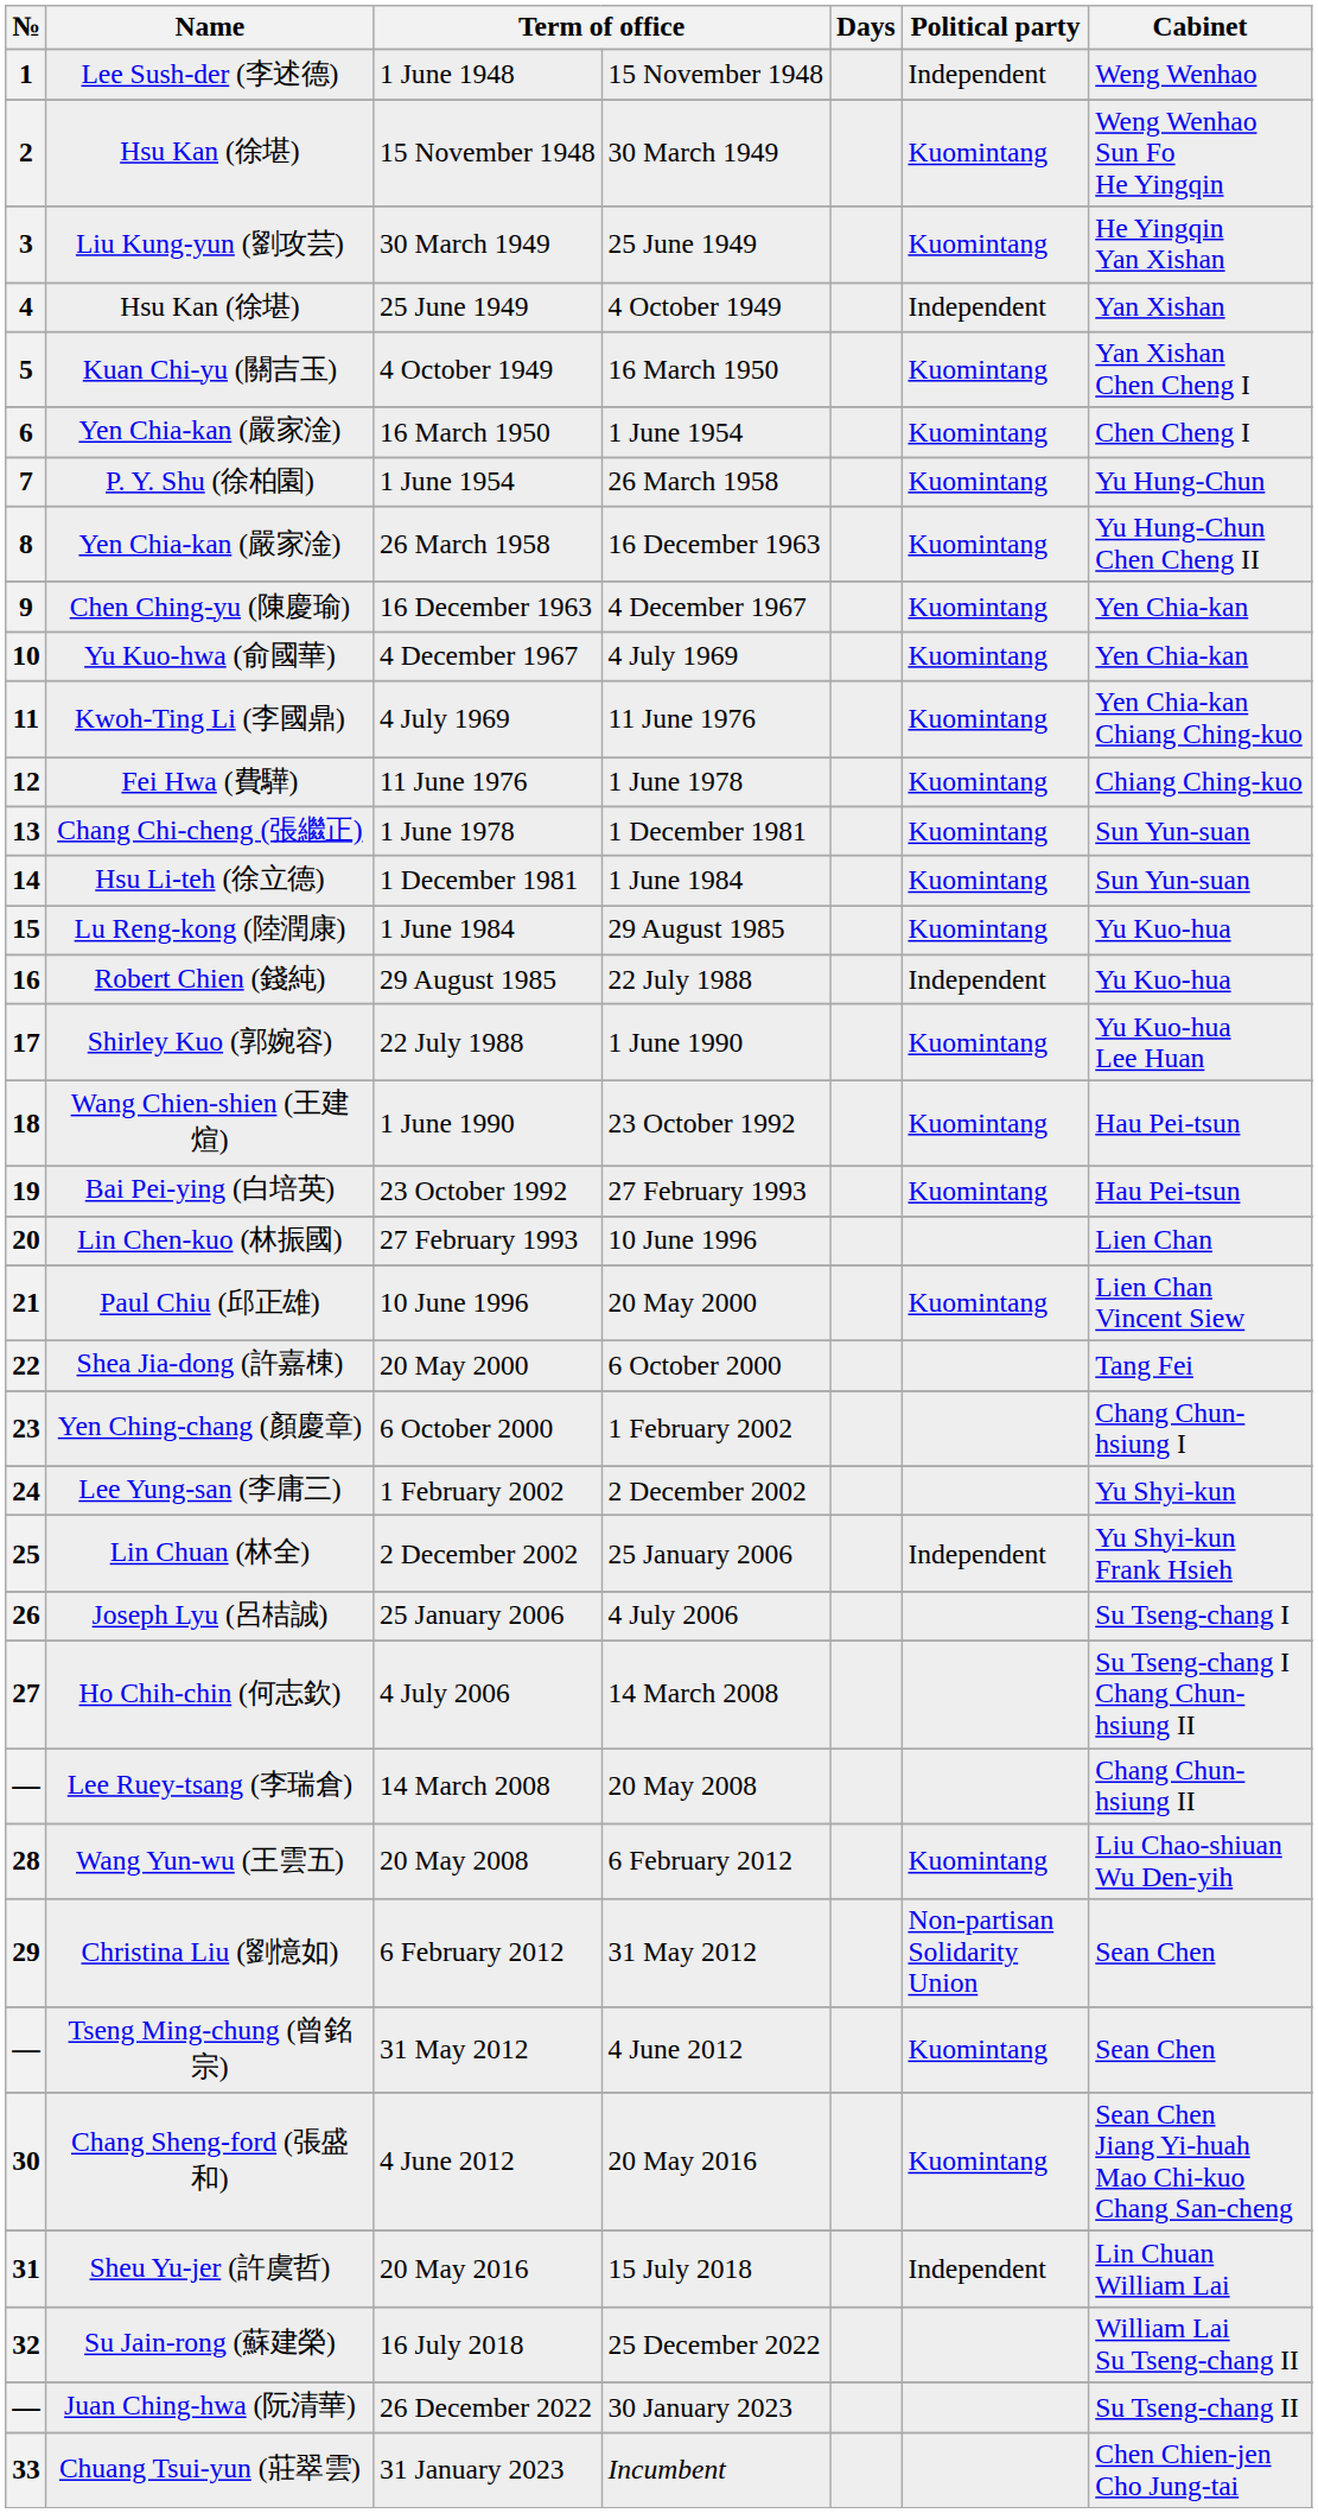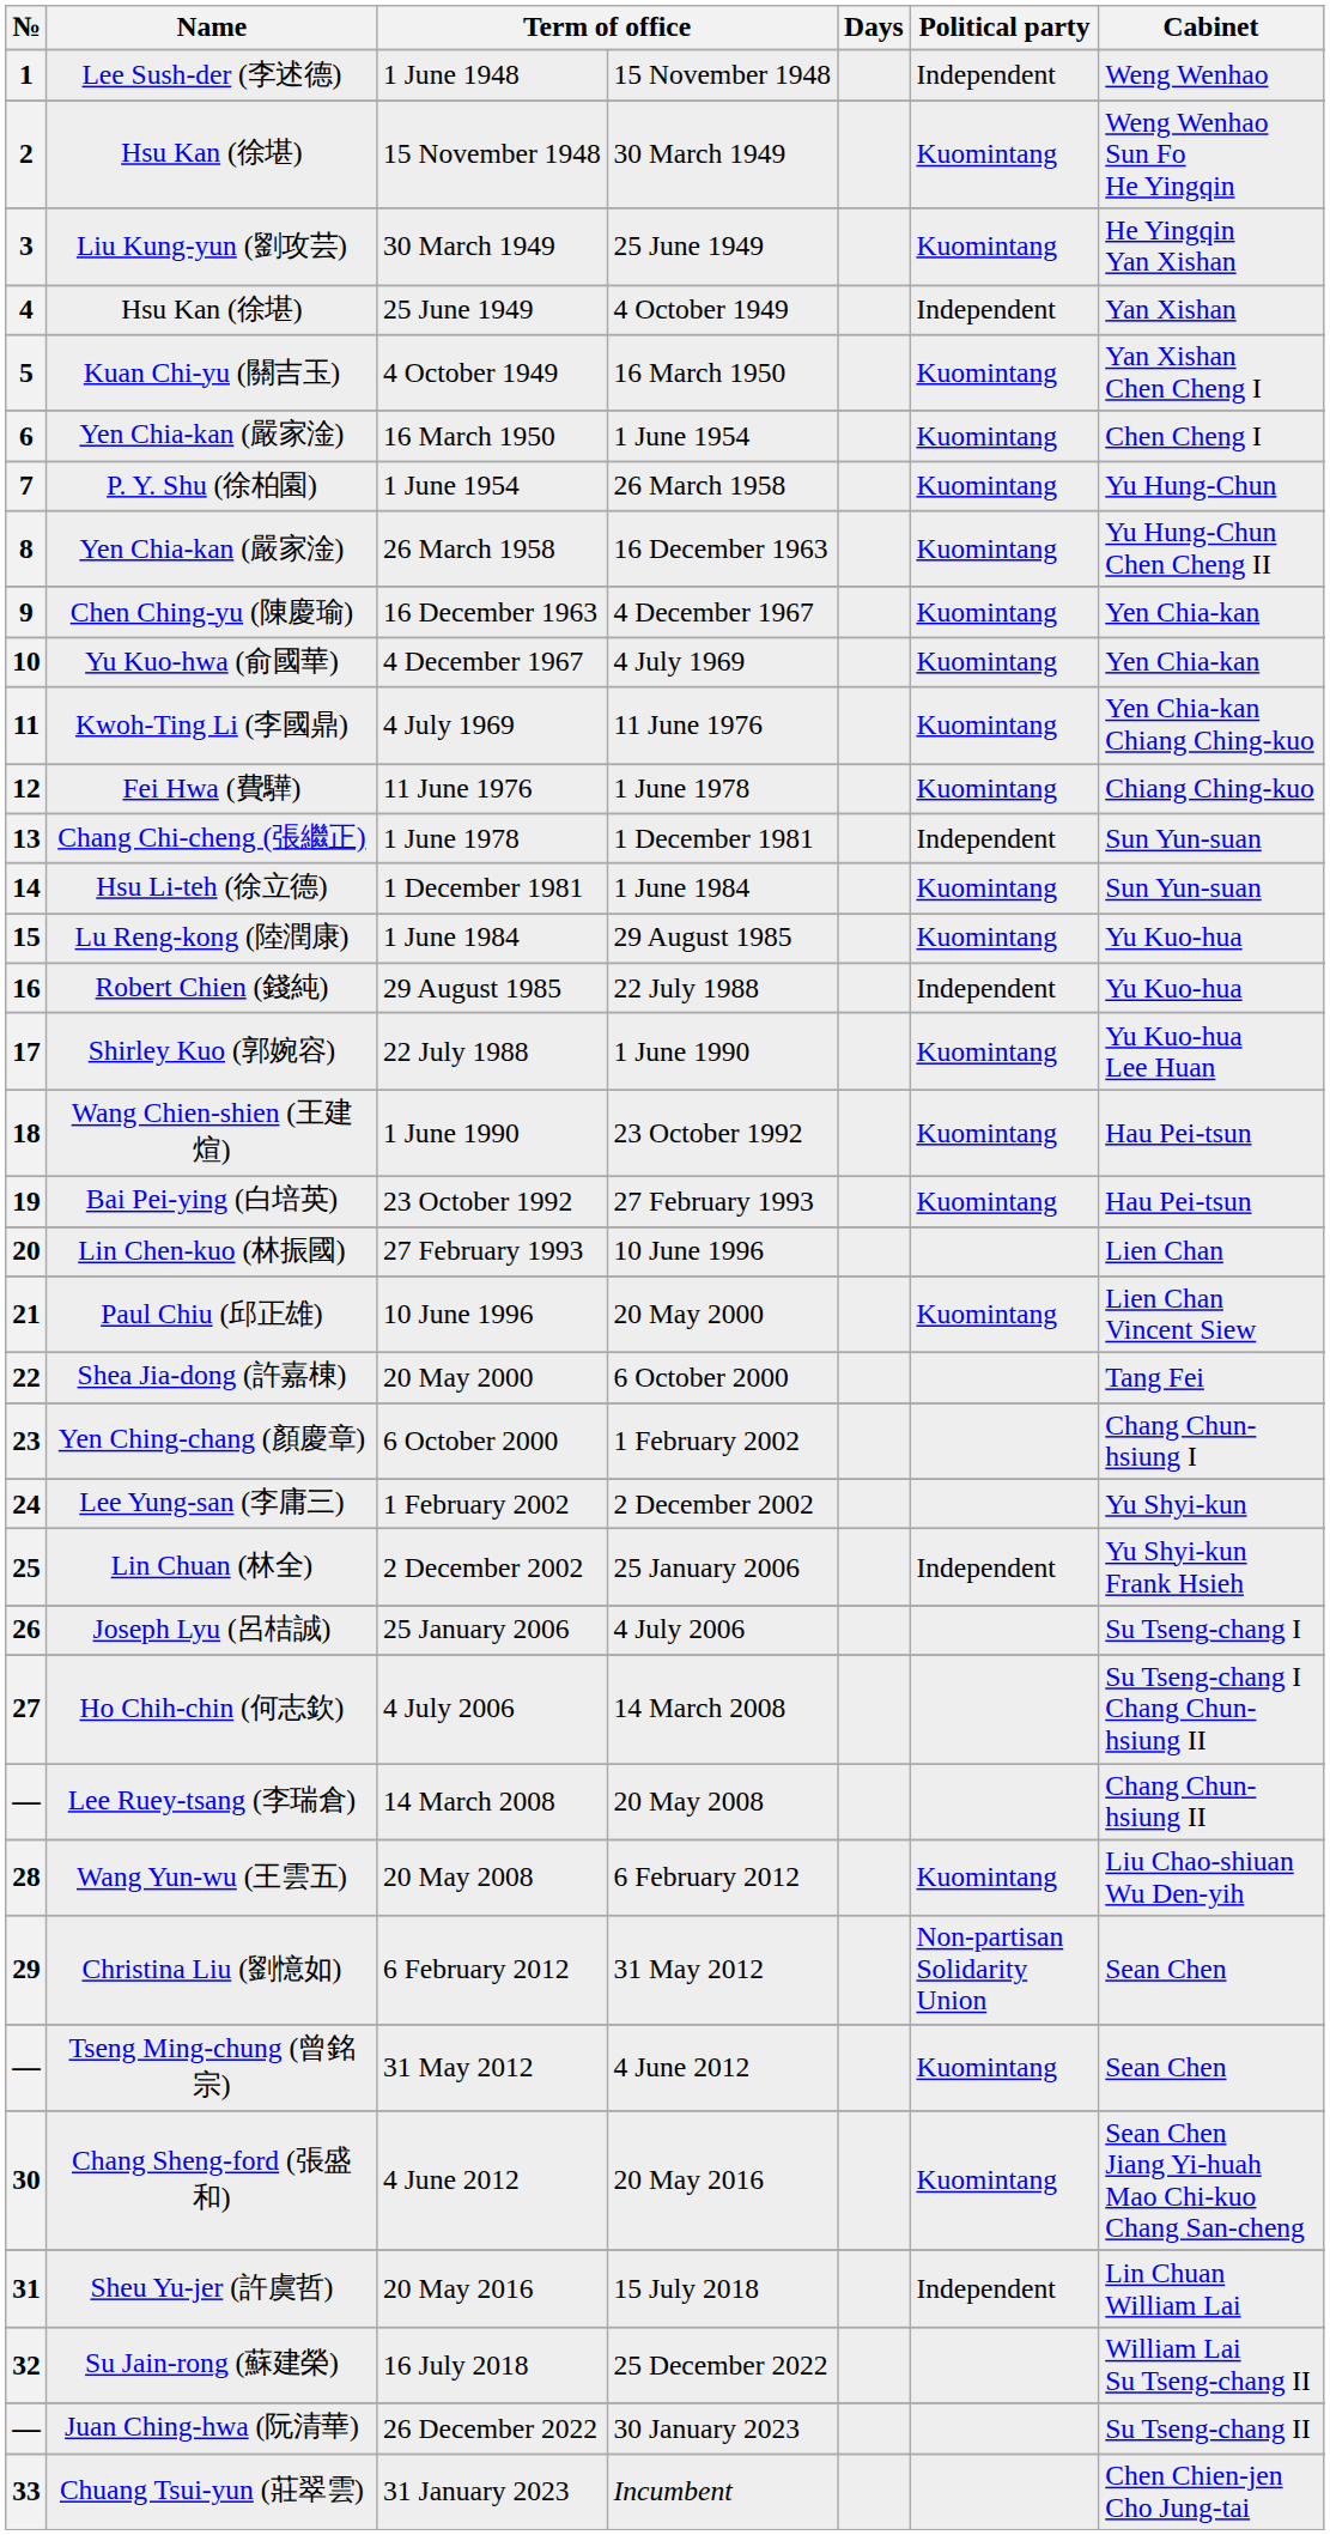 <table class="wikitable">
 <tr ->
 <th>№</th>
 <th width="180">Name</th>
 <th colspan=2 width="180">Term of office</th>
 <th>Days</th>
 <th width="100">Political party</th>
 <th width="120">Cabinet</th>
 </tr>
 <tr ->
 </tr>
 <tr - bgcolor=#EEEEEE>
 <th style="background:">1</th>
 <td align=center><a href='#'>Lee Sush-der</a> (李述德)</td>
 <td>1 June 1948</td>
 <td>15 November 1948</td>
 <td></td>
 <td>Independent</td>
 <td><a href='#'>Weng Wenhao</a></td>
 </tr>
 <tr ->
 </tr>
 <tr - bgcolor=#EEEEEE>
 <th style="background:">2</th>
 <td align=center><a href='#'>Hsu Kan</a> (徐堪)</td>
 <td>15 November 1948</td>
 <td>30 March 1949</td>
 <td></td>
 <td><a href='#'>Kuomintang</a></td>
 <td><a href='#'>Weng Wenhao</a><br><a href='#'>Sun Fo</a><br><a href='#'>He Yingqin</a></td>
 </tr>
 <tr ->
 </tr>
 <tr - bgcolor=#EEEEEE>
 <th style="background:">3</th>
 <td align=center><a href='#'>Liu Kung-yun</a> (劉攻芸)</td>
 <td>30 March 1949</td>
 <td>25 June 1949</td>
 <td></td>
 <td><a href='#'>Kuomintang</a></td>
 <td><a href='#'>He Yingqin</a><br><a href='#'>Yan Xishan</a></td>
 </tr>
 <tr ->
 </tr>
 <tr - bgcolor=#EEEEEE>
 <th style="background:">4</th>
 <td align=center>Hsu Kan (徐堪)</td>
 <td>25 June 1949</td>
 <td>4 October 1949</td>
 <td></td>
 <td>Independent</td>
 <td><a href='#'>Yan Xishan</a></td>
 </tr>
 <tr ->
 </tr>
 <tr - bgcolor=#EEEEEE>
 <th style="background:">5</th>
 <td align=center><a href='#'>Kuan Chi-yu</a> (關吉玉)</td>
 <td>4 October 1949</td>
 <td>16 March 1950</td>
 <td></td>
 <td><a href='#'>Kuomintang</a></td>
 <td><a href='#'>Yan Xishan</a><br><a href='#'>Chen Cheng</a> I</td>
 </tr>
 <tr ->
 </tr>
 <tr - bgcolor=#EEEEEE>
 <th style="background:">6</th>
 <td align=center><a href='#'>Yen Chia-kan</a> (嚴家淦)</td>
 <td>16 March 1950</td>
 <td>1 June 1954</td>
 <td></td>
 <td><a href='#'>Kuomintang</a></td>
 <td><a href='#'>Chen Cheng</a> I</td>
 </tr>
 <tr ->
 </tr>
 <tr - bgcolor=#EEEEEE>
 <th style="background:">7</th>
 <td align=center><a href='#'>P. Y. Shu</a> (徐柏園)</td>
 <td>1 June 1954</td>
 <td>26 March 1958</td>
 <td></td>
 <td><a href='#'>Kuomintang</a></td>
 <td><a href='#'>Yu Hung-Chun</a></td>
 </tr>
 <tr ->
 </tr>
 <tr - bgcolor=#EEEEEE>
 <th style="background:">8</th>
 <td align=center><a href='#'>Yen Chia-kan</a> (嚴家淦)</td>
 <td>26 March 1958</td>
 <td>16 December 1963</td>
 <td></td>
 <td><a href='#'>Kuomintang</a></td>
 <td><a href='#'>Yu Hung-Chun</a><br><a href='#'>Chen Cheng</a> II</td>
 </tr>
 <tr ->
 </tr>
 <tr - bgcolor=#EEEEEE>
 <th style="background:">9</th>
 <td align=center><a href='#'>Chen Ching-yu</a>  (陳慶瑜)</td>
 <td>16 December 1963</td>
 <td>4 December 1967</td>
 <td></td>
 <td><a href='#'>Kuomintang</a></td>
 <td><a href='#'>Yen Chia-kan</a></td>
 </tr>
 <tr ->
 </tr>
 <tr - bgcolor=#EEEEEE>
 <th style="background:">10</th>
 <td align=center><a href='#'>Yu Kuo-hwa</a> (俞國華)</td>
 <td>4 December 1967</td>
 <td>4 July 1969</td>
 <td></td>
 <td><a href='#'>Kuomintang</a></td>
 <td><a href='#'>Yen Chia-kan</a></td>
 </tr>
 <tr ->
 </tr>
 <tr - bgcolor=#EEEEEE>
 <th style="background:">11</th>
 <td align=center><a href='#'>Kwoh-Ting Li</a> (李國鼎)</td>
 <td>4 July 1969</td>
 <td>11 June 1976</td>
 <td></td>
 <td><a href='#'>Kuomintang</a></td>
 <td><a href='#'>Yen Chia-kan</a><br><a href='#'>Chiang Ching-kuo</a></td>
 </tr>
 <tr ->
 </tr>
 <tr - bgcolor=#EEEEEE>
 <th style="background:">12</th>
 <td align=center><a href='#'>Fei Hwa</a> (費驊)</td>
 <td>11 June 1976</td>
 <td>1 June 1978</td>
 <td></td>
 <td><a href='#'>Kuomintang</a></td>
 <td><a href='#'>Chiang Ching-kuo</a></td>
 </tr>
 <tr ->
 </tr>
 <tr - bgcolor=#EEEEEE>
 <th style="background:">13</th>
 <td align=center><a href='#'>Chang Chi-cheng (張繼正)</a></td>
 <td>1 June 1978</td>
 <td>1 December 1981</td>
 <td></td>
-<td><a href='#'>Kuomintang</a></td>
+<td>Independent</td>
 <td><a href='#'>Sun Yun-suan</a></td>
 </tr>
 <tr ->
 </tr>
 <tr - bgcolor=#EEEEEE>
 <th style="background:">14</th>
 <td align=center><a href='#'>Hsu Li-teh</a> (徐立德)</td>
 <td>1 December 1981</td>
 <td>1 June 1984</td>
 <td></td>
 <td><a href='#'>Kuomintang</a></td>
 <td><a href='#'>Sun Yun-suan</a></td>
 </tr>
 <tr ->
 </tr>
 <tr - bgcolor=#EEEEEE>
 <th style="background:">15</th>
 <td align=center><a href='#'>Lu Reng-kong</a> (陸潤康)</td>
 <td>1 June 1984</td>
 <td>29 August 1985</td>
 <td></td>
 <td><a href='#'>Kuomintang</a></td>
 <td><a href='#'>Yu Kuo-hua</a></td>
 </tr>
 <tr ->
 </tr>
 <tr - bgcolor=#EEEEEE>
 <th style="background:">16</th>
 <td align=center><a href='#'>Robert Chien</a> (錢純)</td>
 <td>29 August 1985</td>
 <td>22 July 1988</td>
 <td></td>
 <td>Independent</td>
 <td><a href='#'>Yu Kuo-hua</a></td>
 </tr>
 <tr ->
 </tr>
 <tr - bgcolor=#EEEEEE>
 <th style="background:">17</th>
 <td align=center><a href='#'>Shirley Kuo</a> (郭婉容)</td>
 <td>22 July 1988</td>
 <td>1 June 1990</td>
 <td></td>
 <td><a href='#'>Kuomintang</a></td>
 <td><a href='#'>Yu Kuo-hua</a><br><a href='#'>Lee Huan</a></td>
 </tr>
 <tr ->
 </tr>
 <tr - bgcolor=#EEEEEE>
 <th style="background:">18</th>
 <td align=center><a href='#'>Wang Chien-shien</a> (王建煊)</td>
 <td>1 June 1990</td>
 <td>23 October 1992</td>
 <td></td>
 <td><a href='#'>Kuomintang</a></td>
 <td><a href='#'>Hau Pei-tsun</a></td>
 </tr>
 <tr ->
 </tr>
 <tr - bgcolor=#EEEEEE>
 <th style="background:">19</th>
 <td align=center><a href='#'>Bai Pei-ying</a>  (白培英)</td>
 <td>23 October 1992</td>
 <td>27 February 1993</td>
 <td></td>
 <td><a href='#'>Kuomintang</a></td>
 <td><a href='#'>Hau Pei-tsun</a></td>
 </tr>
 <tr ->
 </tr>
 <tr - bgcolor=#EEEEEE>
 <th style="background:">20</th>
 <td align=center><a href='#'>Lin Chen-kuo</a> (林振國)</td>
 <td>27 February 1993</td>
 <td>10 June 1996</td>
 <td></td>
 <td></td>
 <td><a href='#'>Lien Chan</a></td>
 </tr>
 <tr ->
 </tr>
 <tr - bgcolor=#EEEEEE>
 <th style="background:">21</th>
 <td align=center><a href='#'>Paul Chiu</a> (邱正雄)</td>
 <td>10 June 1996</td>
 <td>20 May 2000</td>
 <td></td>
 <td><a href='#'>Kuomintang</a></td>
 <td><a href='#'>Lien Chan</a><br><a href='#'>Vincent Siew</a></td>
 </tr>
 <tr ->
 </tr>
 <tr - bgcolor=#EEEEEE>
 <th style="background:">22</th>
 <td align=center><a href='#'>Shea Jia-dong</a> (許嘉棟)</td>
 <td>20 May 2000</td>
 <td>6 October 2000</td>
 <td></td>
 <td></td>
 <td><a href='#'>Tang Fei</a></td>
 </tr>
 <tr ->
 </tr>
 <tr - bgcolor=#EEEEEE>
 <th style="background:">23</th>
 <td align=center><a href='#'>Yen Ching-chang</a> (顏慶章)</td>
 <td>6 October 2000</td>
 <td>1 February 2002</td>
 <td></td>
 <td></td>
 <td><a href='#'>Chang Chun-hsiung</a> I</td>
 </tr>
 <tr ->
 </tr>
 <tr - bgcolor=#EEEEEE>
 <th style="background:">24</th>
 <td align=center><a href='#'>Lee Yung-san</a> (李庸三)</td>
 <td>1 February 2002</td>
 <td>2 December 2002</td>
 <td></td>
 <td></td>
 <td><a href='#'>Yu Shyi-kun</a></td>
 </tr>
 <tr ->
 </tr>
 <tr - bgcolor=#EEEEEE>
 <th style="background:">25</th>
 <td align=center><a href='#'>Lin Chuan</a> (林全)</td>
 <td>2 December 2002</td>
 <td>25 January 2006</td>
 <td></td>
 <td>Independent</td>
 <td><a href='#'>Yu Shyi-kun</a><br><a href='#'>Frank Hsieh</a></td>
 </tr>
 <tr ->
 </tr>
 <tr - bgcolor=#EEEEEE>
 <th style="background:">26</th>
 <td align=center><a href='#'>Joseph Lyu</a> (呂桔誠)</td>
 <td>25 January 2006</td>
 <td>4 July 2006</td>
 <td></td>
 <td></td>
 <td><a href='#'>Su Tseng-chang</a> I</td>
 </tr>
 <tr ->
 </tr>
 <tr - bgcolor=#EEEEEE>
 <th style="background:">27</th>
 <td align=center><a href='#'>Ho Chih-chin</a> (何志欽)</td>
 <td>4 July 2006</td>
 <td>14 March 2008</td>
 <td></td>
 <td></td>
 <td><a href='#'>Su Tseng-chang</a> I<br><a href='#'>Chang Chun-hsiung</a> II</td>
 </tr>
 <tr ->
 </tr>
 <tr - bgcolor=#EEEEEE>
 <th style="background:">—</th>
 <td align=center><a href='#'>Lee Ruey-tsang</a> (李瑞倉)</td>
 <td>14 March 2008</td>
 <td>20 May 2008</td>
 <td></td>
 <td></td>
 <td><a href='#'>Chang Chun-hsiung</a> II</td>
 </tr>
 <tr ->
 </tr>
 <tr - bgcolor=#EEEEEE>
 <th style="background:">28</th>
 <td align=center><a href='#'>Wang Yun-wu</a> (王雲五)</td>
 <td>20 May 2008</td>
 <td>6 February 2012</td>
 <td></td>
 <td><a href='#'>Kuomintang</a></td>
 <td><a href='#'>Liu Chao-shiuan</a><br><a href='#'>Wu Den-yih</a></td>
 </tr>
 <tr ->
 </tr>
 <tr - bgcolor=#EEEEEE>
 <th style="background:">29</th>
 <td align=center><a href='#'>Christina Liu</a> (劉憶如)</td>
 <td>6 February 2012</td>
 <td>31 May 2012</td>
 <td></td>
 <td><a href='#'>Non-partisan Solidarity Union</a></td>
 <td><a href='#'>Sean Chen</a></td>
 </tr>
 <tr ->
 </tr>
 <tr - bgcolor=#EEEEEE>
 <th style="background:">—</th>
 <td align=center><a href='#'>Tseng Ming-chung</a> (曾銘宗)</td>
 <td>31 May 2012</td>
 <td>4 June 2012</td>
 <td></td>
 <td><a href='#'>Kuomintang</a></td>
 <td><a href='#'>Sean Chen</a></td>
 </tr>
 <tr ->
 </tr>
 <tr - bgcolor=#EEEEEE>
 <th style="background:">30</th>
 <td align=center><a href='#'>Chang Sheng-ford</a> (張盛和)</td>
 <td>4 June 2012</td>
 <td>20 May 2016</td>
 <td></td>
 <td><a href='#'>Kuomintang</a></td>
 <td><a href='#'>Sean Chen</a><br><a href='#'>Jiang Yi-huah</a><br><a href='#'>Mao Chi-kuo</a><br><a href='#'>Chang San-cheng</a></td>
 </tr>
 <tr ->
 </tr>
 <tr - bgcolor=#EEEEEE>
 <th style="background:">31</th>
 <td align=center><a href='#'>Sheu Yu-jer</a> (許虞哲)</td>
 <td>20 May 2016</td>
 <td>15 July 2018</td>
 <td></td>
 <td>Independent</td>
 <td><a href='#'>Lin Chuan</a><br><a href='#'>William Lai</a></td>
 </tr>
 <tr ->
 </tr>
 <tr - bgcolor=#EEEEEE>
 <th style="background:">32</th>
 <td align=center><a href='#'>Su Jain-rong</a> (蘇建榮)</td>
 <td>16 July 2018</td>
 <td>25 December 2022</td>
 <td></td>
 <td></td>
 <td><a href='#'>William Lai</a><br><a href='#'>Su Tseng-chang</a> II</td>
 </tr>
 <tr ->
 </tr>
 <tr - bgcolor=#EEEEEE>
 <th style="background:">—</th>
 <td align=center><a href='#'>Juan Ching-hwa</a> (阮清華)</td>
 <td>26 December 2022</td>
 <td>30 January 2023</td>
 <td></td>
 <td></td>
 <td><a href='#'>Su Tseng-chang</a> II</td>
 </tr>
 <tr ->
 </tr>
 <tr - bgcolor=#EEEEEE>
 <th style="background:">33</th>
 <td align=center><a href='#'>Chuang Tsui-yun</a> (莊翠雲)</td>
 <td>31 January 2023</td>
 <td><em>Incumbent</em></td>
 <td></td>
 <td></td>
 <td><a href='#'>Chen Chien-jen</a><br><a href='#'>Cho Jung-tai</a></td>
 </tr>
 <tr ->
 </tr>
 </table>
